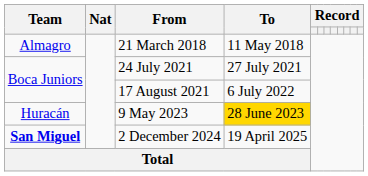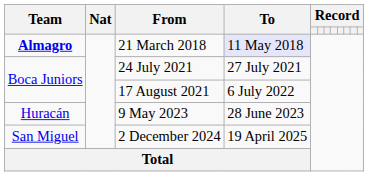 <table class="wikitable" style="text-align: center">
 <tr>
 <th rowspan="2">Team</th>
 <th rowspan="2">Nat</th>
 <th rowspan="2">From</th>
 <th rowspan="2">To</th>
 <th colspan="8">Record</th>
 </tr>
 <tr>
 <th></th>
 <th></th>
 <th></th>
 <th></th>
 <th></th>
 <th></th>
 <th></th>
 <th></th>
 </tr>
 <tr>
-<td align=center><a href='#'>Almagro</a></td>
+<td align=center><strong><a href='#'>Almagro</a></strong></td>
 <td rowspan="5"></td>
 <td align=left>21 March 2018</td>
-<td align=left>11 May 2018<br></td>
+<td align=left style="background: lavender;">11 May 2018<br></td>
 </tr>
 <tr>
 <td rowspan="2 align=center"><a href='#'>Boca Juniors</a></td>
 <td align=left>24 July 2021</td>
 <td align=left>27 July 2021<br></td>
 </tr>
 <tr>
 <td align=left>17 August 2021</td>
 <td align=left>6 July 2022<br></td>
 </tr>
 <tr>
 <td align=center><a href='#'>Huracán</a></td>
 <td align=left>9 May 2023</td>
-<td align=left style="background: gold;">28 June 2023<br></td>
+<td align=left>28 June 2023<br></td>
 </tr>
 <tr>
-<td align=center><strong><a href='#'>San Miguel</a></strong></td>
+<td align=center><a href='#'>San Miguel</a></td>
 <td align=left>2 December 2024</td>
 <td align=left>19 April 2025<br></td>
 </tr>
 <tr align=center>
 <th colspan="4">Total<br></th>
 </tr>
 </table>
